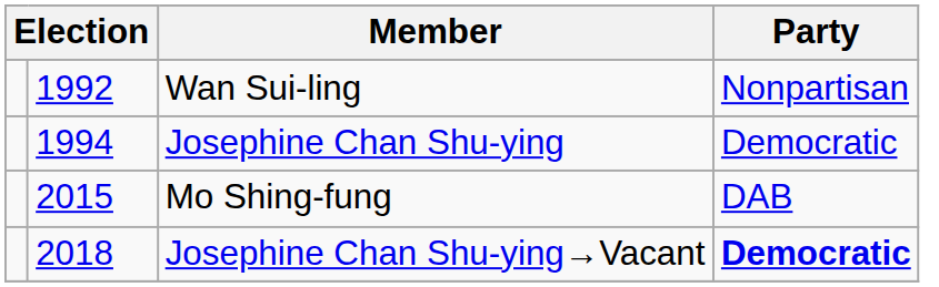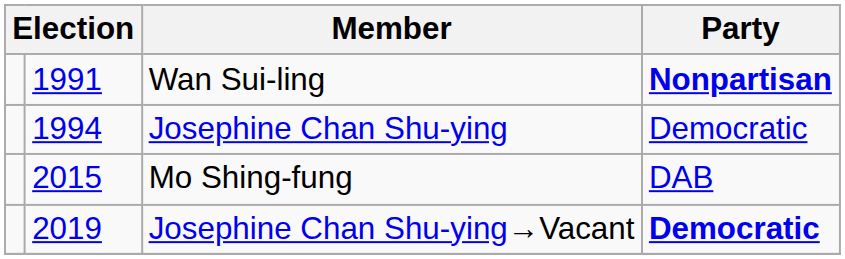 <table class="wikitable">
 <tr>
 <th colspan="2">Election</th>
 <th>Member</th>
 <th>Party</th>
 </tr>
 <tr>
 <td style="color:inherit;background:"></td>
-<td><a href='#'>1992</a></td>
+<td><a href='#'>1991</a></td>
 <td>Wan Sui-ling</td>
-<td><a href='#'>Nonpartisan</a></td>
+<td><strong><a href='#'>Nonpartisan</a></strong></td>
 </tr>
 <tr>
 <td style="color:inherit;background:"></td>
 <td><a href='#'>1994</a></td>
 <td><a href='#'>Josephine Chan Shu-ying</a></td>
 <td><a href='#'>Democratic</a></td>
 </tr>
 <tr>
 <td style="color:inherit;background:"></td>
 <td><a href='#'>2015</a></td>
 <td>Mo Shing-fung</td>
 <td><a href='#'>DAB</a></td>
 </tr>
 <tr>
 <td style="color:inherit;background:"></td>
-<td><a href='#'>2018</a></td>
+<td><a href='#'>2019</a></td>
 <td><a href='#'>Josephine Chan Shu-ying</a>→Vacant</td>
 <td><strong><a href='#'>Democratic</a></strong></td>
 </tr>
 <tr>
 </tr>
 </table>
